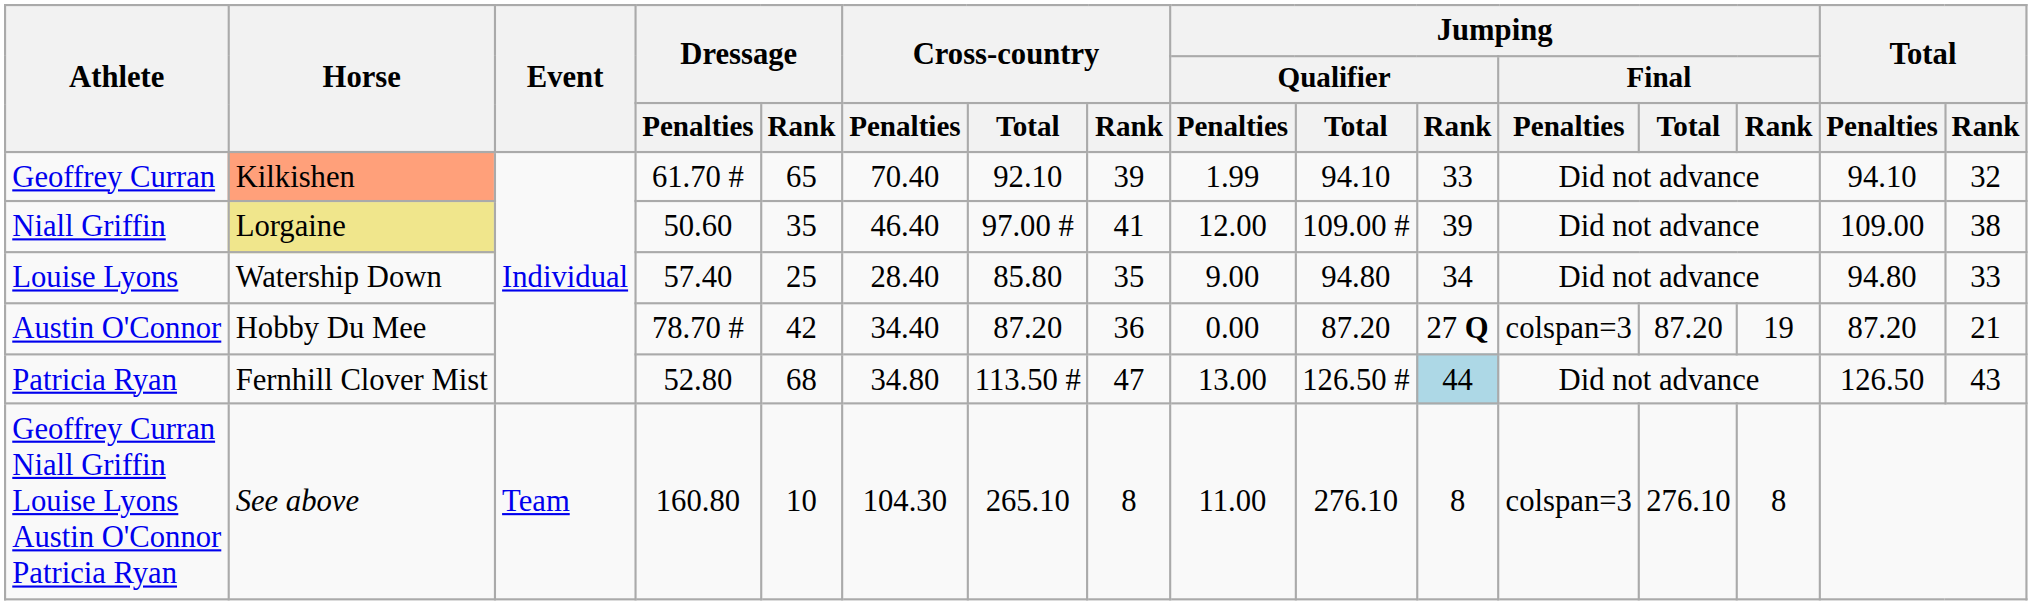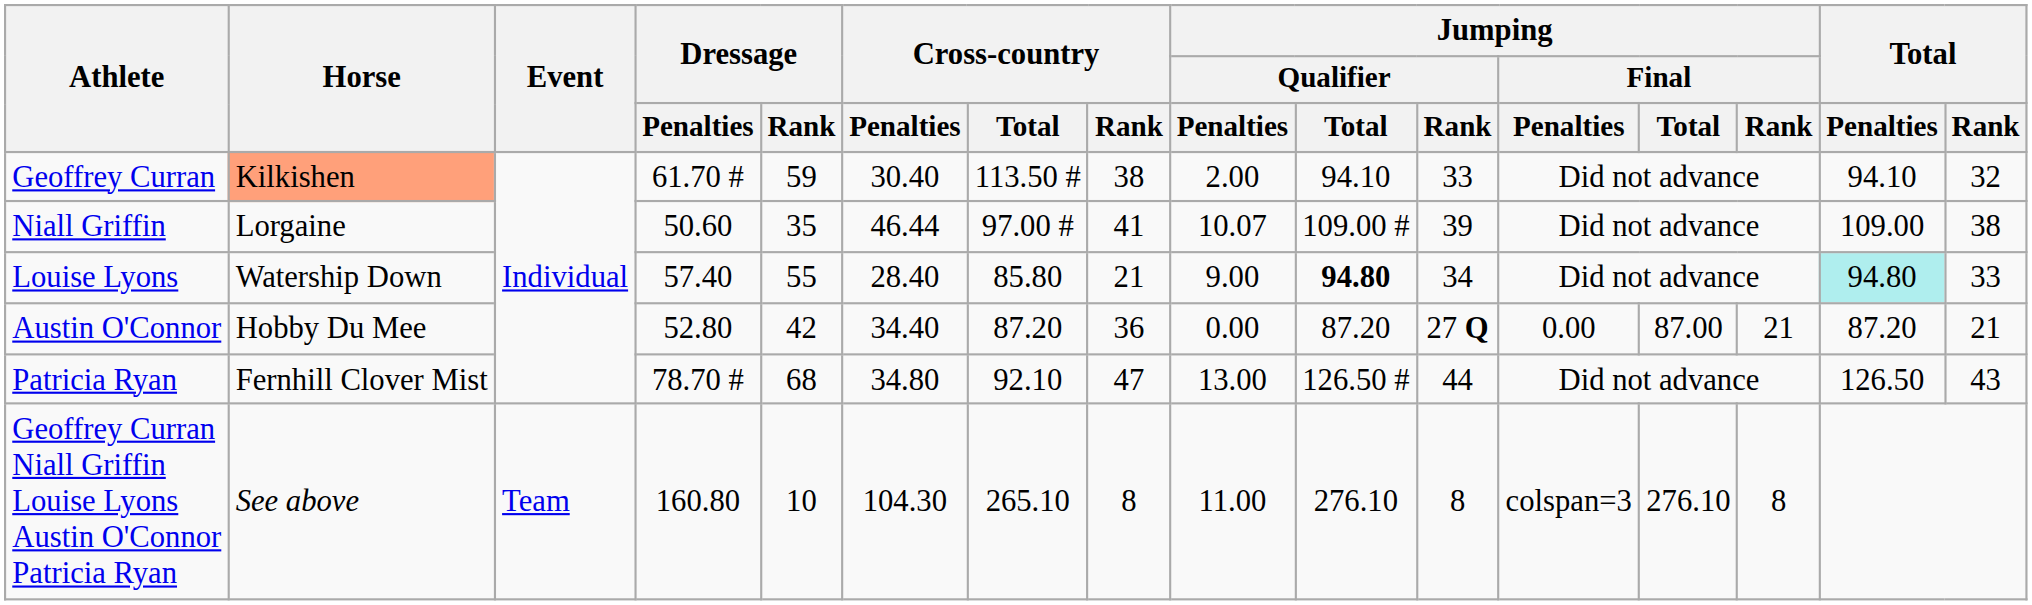 <table class=wikitable style="font-size:90%">
 <tr>
 <th rowspan="3">Athlete</th>
 <th rowspan="3">Horse</th>
 <th rowspan="3">Event</th>
 <th colspan="2" rowspan="2">Dressage</th>
 <th colspan="3" rowspan="2">Cross-country</th>
 <th colspan="6">Jumping</th>
 <th colspan="2" rowspan="2">Total</th>
 </tr>
 <tr style="font-size:95%">
 <th colspan="3">Qualifier</th>
 <th colspan="3">Final</th>
 </tr>
 <tr style="font-size:95%">
 <th>Penalties</th>
 <th>Rank</th>
 <th>Penalties</th>
 <th>Total</th>
 <th>Rank</th>
 <th>Penalties</th>
 <th>Total</th>
 <th>Rank</th>
 <th>Penalties</th>
 <th>Total</th>
 <th>Rank</th>
 <th>Penalties</th>
 <th>Rank</th>
 </tr>
 <tr align=center>
 <td align=left><a href='#'>Geoffrey Curran</a></td>
 <td align=left style="background: lightsalmon;">Kilkishen</td>
 <td align=left rowspan=5><a href='#'>Individual</a></td>
 <td>61.70 #</td>
-<td>65</td>
-<td>70.40</td>
-<td>92.10</td>
-<td>39</td>
-<td>1.99</td>
+<td>59</td>
+<td>30.40</td>
+<td>113.50 #</td>
+<td>38</td>
+<td>2.00</td>
 <td>94.10</td>
 <td>33</td>
 <td colspan=3>Did not advance</td>
 <td>94.10</td>
 <td>32</td>
 </tr>
 <tr align=center>
 <td align=left><a href='#'>Niall Griffin</a></td>
-<td align=left style="background: khaki;">Lorgaine</td>
+<td align=left>Lorgaine</td>
 <td>50.60</td>
 <td>35</td>
-<td>46.40</td>
+<td>46.44</td>
 <td>97.00 #</td>
 <td>41</td>
-<td>12.00</td>
+<td>10.07</td>
 <td>109.00 #</td>
 <td>39</td>
 <td colspan=3>Did not advance</td>
 <td>109.00</td>
 <td>38</td>
 </tr>
 <tr align=center>
 <td align=left><a href='#'>Louise Lyons</a></td>
 <td align=left>Watership Down</td>
 <td>57.40</td>
-<td>25</td>
+<td>55</td>
 <td>28.40</td>
 <td>85.80</td>
-<td>35</td>
+<td>21</td>
 <td>9.00</td>
-<td>94.80</td>
+<td><strong>94.80</strong></td>
 <td>34</td>
 <td colspan=3>Did not advance</td>
-<td>94.80</td>
+<td style="background: paleturquoise;">94.80</td>
 <td>33</td>
 </tr>
 <tr align=center>
 <td align=left><a href='#'>Austin O'Connor</a></td>
 <td align=left>Hobby Du Mee</td>
-<td>78.70 #</td>
+<td>52.80</td>
 <td>42</td>
 <td>34.40</td>
 <td>87.20</td>
 <td>36</td>
 <td>0.00</td>
 <td>87.20</td>
 <td>27 <strong>Q</strong></td>
-<td>colspan=3 </td>
-<td>87.20</td>
-<td>19</td>
+<td>0.00</td>
+<td>87.00</td>
+<td>21</td>
 <td>87.20</td>
 <td>21</td>
 </tr>
 <tr align=center>
 <td align=left><a href='#'>Patricia Ryan</a></td>
 <td align=left>Fernhill Clover Mist</td>
-<td>52.80</td>
+<td>78.70 #</td>
 <td>68</td>
 <td>34.80</td>
-<td>113.50 #</td>
+<td>92.10</td>
 <td>47</td>
 <td>13.00</td>
 <td>126.50 #</td>
-<td style="background: lightblue;">44</td>
+<td>44</td>
 <td colspan=3>Did not advance</td>
 <td>126.50</td>
 <td>43</td>
 </tr>
 <tr align=center>
 <td align=left><a href='#'>Geoffrey Curran</a><br><a href='#'>Niall Griffin</a><br><a href='#'>Louise Lyons</a><br><a href='#'>Austin O'Connor</a><br><a href='#'>Patricia Ryan</a></td>
 <td align=left><em>See above</em></td>
 <td align=left><a href='#'>Team</a></td>
 <td>160.80</td>
 <td>10</td>
 <td>104.30</td>
 <td>265.10</td>
 <td>8</td>
 <td>11.00</td>
 <td>276.10</td>
 <td>8</td>
 <td>colspan=3 </td>
 <td>276.10</td>
 <td>8</td>
 </tr>
 </table>
